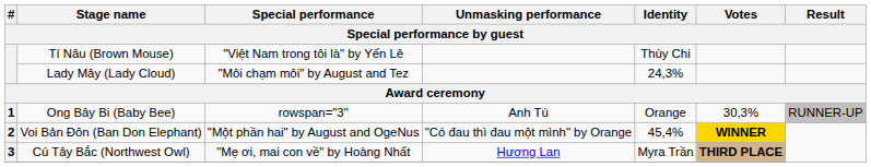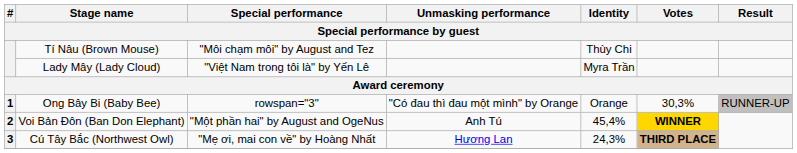 <table class="wikitable plainrowheaders" style="text-align: center;">
 <tr>
 <th>#</th>
 <th>Stage name</th>
 <th>Special performance</th>
 <th>Unmasking performance</th>
 <th>Identity</th>
 <th>Votes</th>
 <th>Result</th>
 </tr>
 <tr>
 <th colspan="7">Special performance by guest</th>
 </tr>
 <tr>
 <th rowspan="2"></th>
 <td>Tí Nâu (Brown Mouse)</td>
-<td>"Việt Nam trong tôi là" by Yến Lê</td>
+<td>"Môi chạm môi" by August and Tez</td>
 <td></td>
 <td>Thùy Chi</td>
 <td></td>
 <td></td>
 </tr>
 <tr>
 <td>Lady Mây (Lady Cloud)</td>
-<td>"Môi chạm môi" by August and Tez</td>
+<td>"Việt Nam trong tôi là" by Yến Lê</td>
 <td></td>
-<td>24,3%<br></td>
+<td>Myra Trần</td>
 <td></td>
 <td></td>
 </tr>
 <tr>
 <th colspan="7">Award ceremony</th>
 </tr>
 <tr>
 <th>1</th>
 <td>Ong Bây Bi (Baby Bee)</td>
 <td>rowspan="3" </td>
-<td>Anh Tú</td>
+<td>"Có đau thì đau một mình" by Orange</td>
 <td>Orange</td>
 <td>30,3%<br></td>
 <td bgcolor="silver">RUNNER-UP</td>
 </tr>
 <tr>
 <th>2</th>
 <td>Voi Bản Đôn (Ban Don Elephant)</td>
 <td>"Một phần hai" by August and OgeNus</td>
-<td>"Có đau thì đau một mình" by Orange</td>
+<td>Anh Tú</td>
 <td>45,4%<br></td>
 <td bgcolor="gold"><strong>WINNER</strong></td>
 </tr>
 <tr>
 <th>3</th>
 <td>Cú Tây Bắc (Northwest Owl)</td>
 <td>"Mẹ ơi, mai con về" by Hoàng Nhất</td>
 <td><a href='#'>Hương Lan</a></td>
-<td>Myra Trần</td>
+<td>24,3%<br></td>
 <td bgcolor="tan"><strong>THIRD PLACE</strong></td>
 </tr>
 <tr>
 </tr>
 </table>
